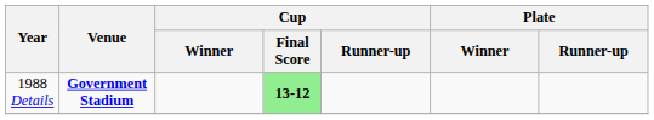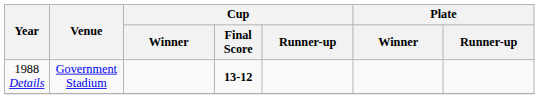 <table class="wikitable" style="font-size:90%; width: 100%; text-align: center;">
 <tr>
 <th rowspan=2 width=5%>Year</th>
 <th rowspan=2 width=10%>Venue</th>
 <th colspan=3>Cup</th>
 <th colspan=2>Plate</th>
 </tr>
 <tr>
 <th width=15%>Winner</th>
 <th width=8%>Final Score</th>
 <th width=15%>Runner-up</th>
 <th width=15%>Winner</th>
 <th width=15%>Runner-up</th>
 </tr>
 <tr>
 <td>1988<br> <em><a href='#'>Details</a></em></td>
-<td><strong><a href='#'>Government Stadium</a></strong></td>
+<td><a href='#'>Government Stadium</a></td>
 <td><strong></strong></td>
-<td style="background: lightgreen;"><strong>13-12</strong></td>
+<td><strong>13-12</strong></td>
 <td></td>
 <td></td>
 <td></td>
 </tr>
 <tr>
 </tr>
 </table>
